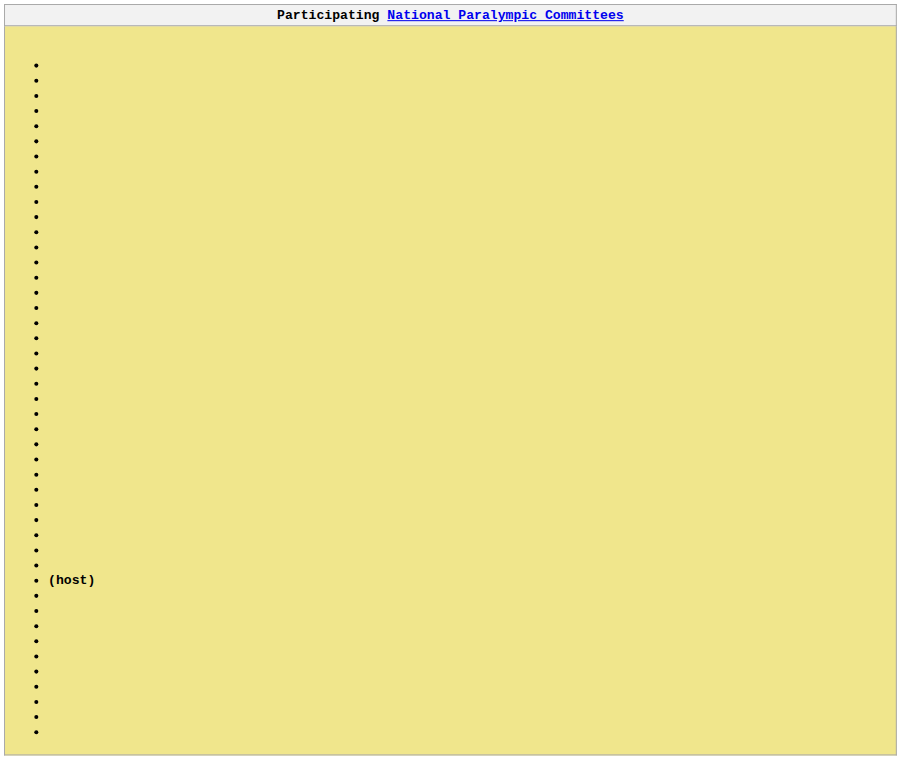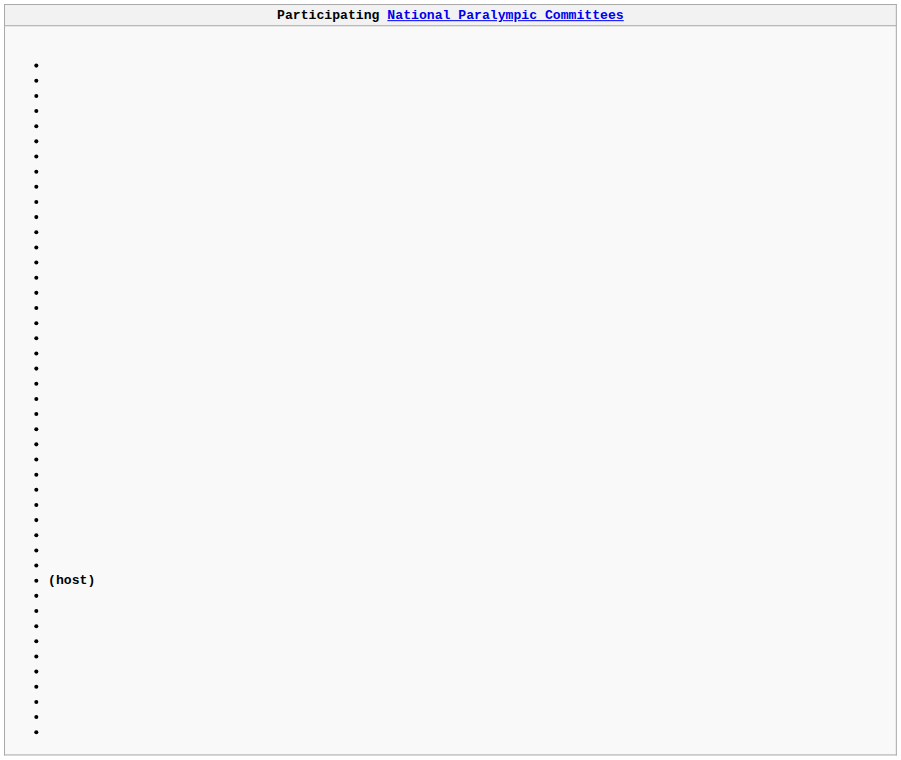 <table class="wikitable collapsible" style="width:100%;">
 <tr>
 <th>Participating <a href='#'>National Paralympic Committees</a></th>
 </tr>
 <tr>
-<td style="background: khaki;"><br><ul><li></li><li></li><li></li><li></li><li></li><li></li><li></li><li></li><li></li><li></li><li></li><li></li><li></li><li></li><li></li><li></li><li></li><li></li><li></li><li></li><li></li><li></li><li></li><li></li><li></li><li></li><li></li><li></li><li></li><li></li><li></li><li></li><li></li><li></li><li> <strong>(host)</strong></li><li></li><li></li><li></li><li></li><li></li><li></li><li></li><li></li><li></li><li></li></ul></td>
+<td><br><ul><li></li><li></li><li></li><li></li><li></li><li></li><li></li><li></li><li></li><li></li><li></li><li></li><li></li><li></li><li></li><li></li><li></li><li></li><li></li><li></li><li></li><li></li><li></li><li></li><li></li><li></li><li></li><li></li><li></li><li></li><li></li><li></li><li></li><li></li><li> <strong>(host)</strong></li><li></li><li></li><li></li><li></li><li></li><li></li><li></li><li></li><li></li><li></li></ul></td>
 </tr>
 </table>
